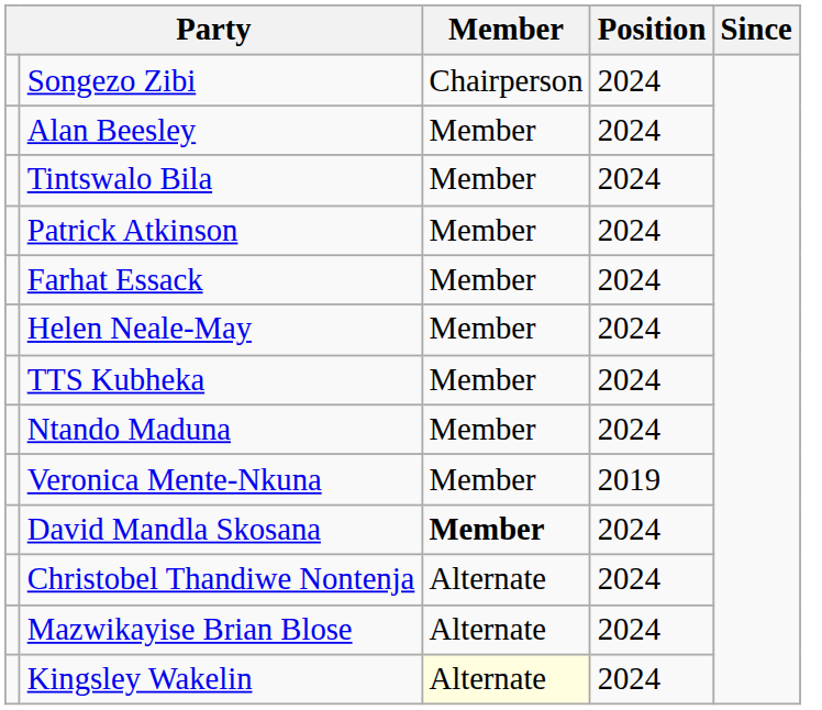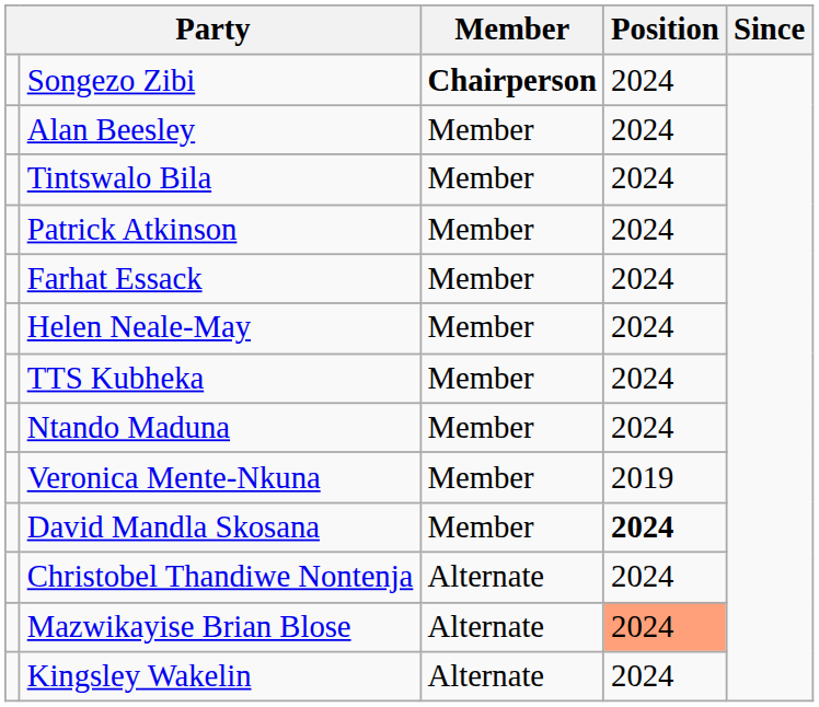 <table class="wikitable" border="1">
 <tr>
 <th colspan="2" scope="col">Party</th>
 <th scope="col">Member</th>
 <th scope="col">Position</th>
 <th scope="col">Since</th>
 </tr>
 <tr>
 <td></td>
 <td><a href='#'>Songezo Zibi</a></td>
-<td>Chairperson</td>
+<td><strong>Chairperson</strong></td>
 <td>2024</td>
 </tr>
 <tr>
 <td></td>
 <td><a href='#'>Alan Beesley</a></td>
 <td>Member</td>
 <td>2024</td>
 </tr>
 <tr>
 <td></td>
 <td><a href='#'>Tintswalo Bila</a></td>
 <td>Member</td>
 <td>2024</td>
 </tr>
 <tr>
 <td></td>
 <td><a href='#'>Patrick Atkinson</a></td>
 <td>Member</td>
 <td>2024</td>
 </tr>
 <tr>
 <td></td>
 <td><a href='#'>Farhat Essack</a></td>
 <td>Member</td>
 <td>2024</td>
 </tr>
 <tr>
 <td></td>
 <td><a href='#'>Helen Neale-May</a></td>
 <td>Member</td>
 <td>2024</td>
 </tr>
 <tr>
 <td></td>
 <td><a href='#'>TTS Kubheka</a></td>
 <td>Member</td>
 <td>2024</td>
 </tr>
 <tr>
 <td></td>
 <td><a href='#'>Ntando Maduna</a></td>
 <td>Member</td>
 <td>2024</td>
 </tr>
 <tr>
 <td></td>
 <td><a href='#'>Veronica Mente-Nkuna</a></td>
 <td>Member</td>
 <td>2019</td>
 </tr>
 <tr>
 <td></td>
 <td><a href='#'>David Mandla Skosana</a></td>
-<td><strong>Member</strong></td>
-<td>2024</td>
+<td>Member</td>
+<td><strong>2024</strong></td>
 </tr>
 <tr>
 <td></td>
 <td><a href='#'>Christobel Thandiwe Nontenja</a></td>
 <td>Alternate</td>
 <td>2024</td>
 </tr>
 <tr>
 <td></td>
 <td><a href='#'>Mazwikayise Brian Blose</a></td>
 <td>Alternate</td>
-<td>2024</td>
+<td style="background: lightsalmon;">2024</td>
 </tr>
 <tr>
 <td></td>
 <td><a href='#'>Kingsley Wakelin</a></td>
-<td style="background: lightyellow;">Alternate</td>
+<td>Alternate</td>
 <td>2024</td>
 </tr>
 </table>
